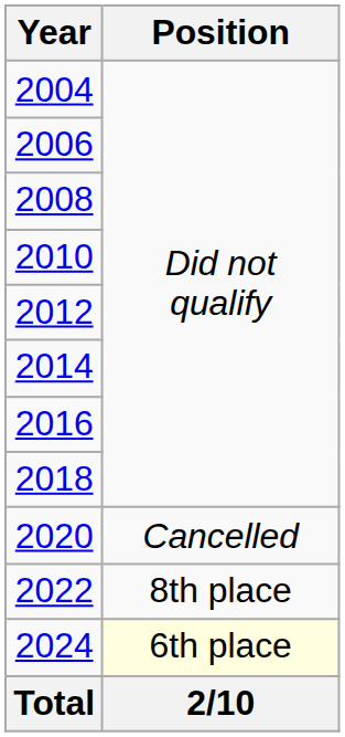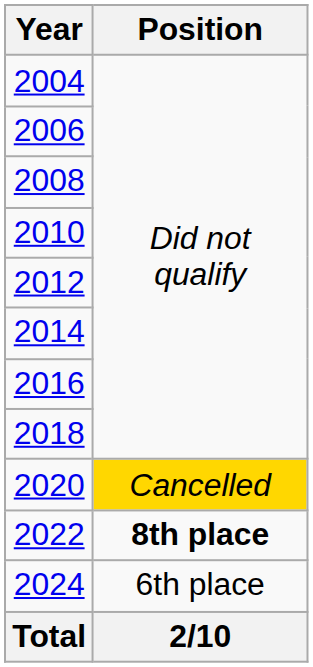 <table class="wikitable" style="text-align: center;">
 <tr>
 <th>Year</th>
 <th width="100">Position</th>
 </tr>
 <tr>
 <td> <a href='#'>2004</a></td>
 <td rowspan=8><em>Did not qualify</em></td>
 </tr>
 <tr>
 <td> <a href='#'>2006</a></td>
 </tr>
 <tr>
 <td> <a href='#'>2008</a></td>
 </tr>
 <tr>
 <td> <a href='#'>2010</a></td>
 </tr>
 <tr>
 <td> <a href='#'>2012</a></td>
 </tr>
 <tr>
 <td> <a href='#'>2014</a></td>
 </tr>
 <tr>
 <td> <a href='#'>2016</a></td>
 </tr>
 <tr>
 <td> <a href='#'>2018</a></td>
 </tr>
 <tr>
 <td> <a href='#'>2020</a></td>
-<td><em>Cancelled</em></td>
+<td style="background: gold;"><em>Cancelled</em></td>
 </tr>
 <tr>
 <td> <a href='#'>2022</a></td>
-<td>8th place</td>
+<td><strong>8th place</strong></td>
 </tr>
 <tr>
 <td> <a href='#'>2024</a></td>
-<td style="background: lightyellow;">6th place</td>
+<td>6th place</td>
 </tr>
 <tr>
 <th>Total</th>
 <th>2/10</th>
 </tr>
 </table>
